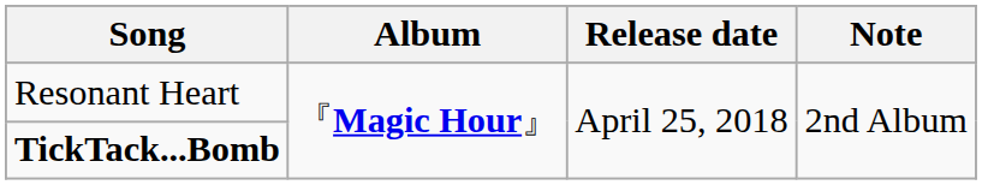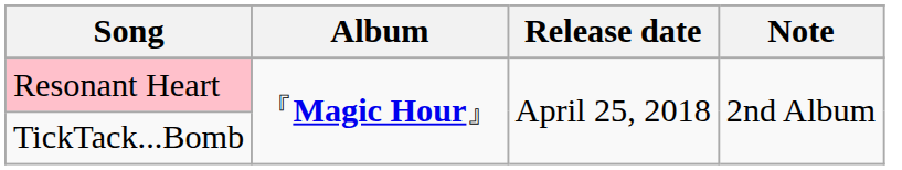 <table class="wikitable">
 <tr>
 <th>Song</th>
 <th>Album</th>
 <th>Release date</th>
 <th>Note</th>
 </tr>
 <tr>
-<td>Resonant Heart</td>
+<td style="background: pink;">Resonant Heart</td>
 <td rowspan="2">『<strong><a href='#'>Magic Hour</a></strong>』</td>
 <td rowspan="2">April 25, 2018</td>
 <td rowspan="2">2nd Album</td>
 </tr>
 <tr>
-<td><strong>TickTack...Bomb</strong></td>
+<td>TickTack...Bomb</td>
 </tr>
 </table>
